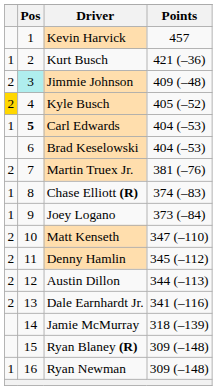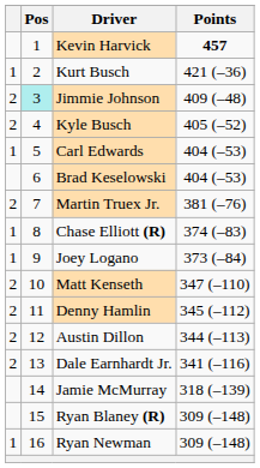 <table class="wikitable" style="font-size:95%">
 <tr>
 </tr>
 <tr>
 <th></th>
 <th>Pos</th>
 <th>Driver</th>
 <th>Points</th>
 </tr>
 <tr>
 <td align="left"></td>
 <td style="text-align:center;">1</td>
 <td style="background:#FFDEAD;">Kevin Harvick</td>
-<td style="text-align:center;">457</td>
+<td style="text-align:center;"><strong>457</strong></td>
 </tr>
 <tr>
 <td align="left"> 1</td>
 <td style="text-align:center;">2</td>
 <td>Kurt Busch</td>
 <td style="text-align:center;">421 (–36)</td>
 </tr>
 <tr>
 <td align="left"> 2</td>
 <td style="background: paleturquoise; text-align:center;">3</td>
 <td style="background:#FFDEAD;">Jimmie Johnson</td>
 <td style="text-align:center;">409 (–48)</td>
 </tr>
 <tr>
-<td align="left" style="background: gold;"> 2</td>
+<td align="left"> 2</td>
 <td style="text-align:center;">4</td>
 <td style="background:#FFDEAD;">Kyle Busch</td>
 <td style="text-align:center;">405 (–52)</td>
 </tr>
 <tr>
 <td align="left"> 1</td>
-<td style="text-align:center;"><strong>5</strong></td>
+<td style="text-align:center;">5</td>
 <td style="background:#FFDEAD;">Carl Edwards</td>
 <td style="text-align:center;">404 (–53)</td>
 </tr>
 <tr>
 <td align="left"></td>
 <td style="text-align:center;">6</td>
 <td style="background:#FFDEAD;">Brad Keselowski</td>
 <td style="text-align:center;">404 (–53)</td>
 </tr>
 <tr>
 <td align="left"> 2</td>
 <td style="text-align:center;">7</td>
 <td style="background:#FFDEAD;">Martin Truex Jr.</td>
 <td style="text-align:center;">381 (–76)</td>
 </tr>
 <tr>
 <td align="left"> 1</td>
 <td style="text-align:center;">8</td>
 <td>Chase Elliott <strong>(R)</strong></td>
 <td style="text-align:center;">374 (–83)</td>
 </tr>
 <tr>
 <td align="left"> 1</td>
 <td style="text-align:center;">9</td>
 <td>Joey Logano</td>
 <td style="text-align:center;">373 (–84)</td>
 </tr>
 <tr>
 <td align="left"> 2</td>
 <td style="text-align:center;">10</td>
 <td style="background:#FFDEAD;">Matt Kenseth</td>
 <td style="text-align:center;">347 (–110)</td>
 </tr>
 <tr>
 <td align="left"> 2</td>
 <td style="text-align:center;">11</td>
 <td style="background:#FFDEAD;">Denny Hamlin</td>
 <td style="text-align:center;">345 (–112)</td>
 </tr>
 <tr>
 <td align="left"> 2</td>
 <td style="text-align:center;">12</td>
 <td>Austin Dillon</td>
 <td style="text-align:center;">344 (–113)</td>
 </tr>
 <tr>
 <td align="left"> 2</td>
 <td style="text-align:center;">13</td>
 <td>Dale Earnhardt Jr.</td>
 <td style="text-align:center;">341 (–116)</td>
 </tr>
 <tr>
 <td align="left"></td>
 <td style="text-align:center;">14</td>
 <td>Jamie McMurray</td>
 <td style="text-align:center;">318 (–139)</td>
 </tr>
 <tr>
 <td align="left"></td>
 <td style="text-align:center;">15</td>
 <td>Ryan Blaney <strong>(R)</strong></td>
 <td style="text-align:center;">309 (–148)</td>
 </tr>
 <tr>
 <td align="left"> 1</td>
 <td style="text-align:center;">16</td>
 <td>Ryan Newman</td>
 <td style="text-align:center;">309 (–148)</td>
 </tr>
 <tr class="sortbottom">
 <th colspan="9"></th>
 </tr>
 </table>
